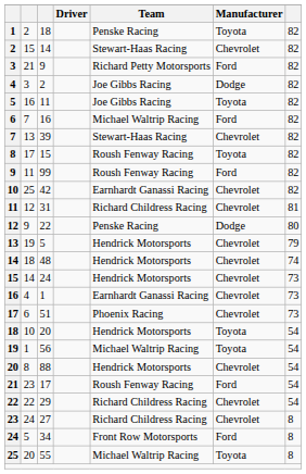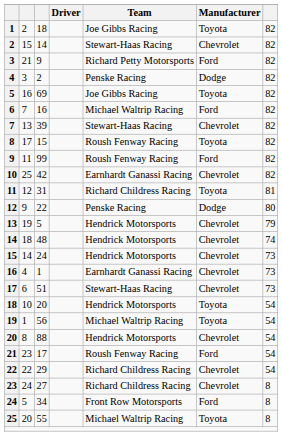 <table class="wikitable sortable" border="1">
 <tr>
 </tr>
 <tr>
 <th scope="col"></th>
 <th scope="col"></th>
 <th scope="col"></th>
 <th scope="col">Driver</th>
 <th scope="col">Team</th>
 <th scope="col">Manufacturer</th>
 <th scope="col"></th>
 </tr>
 <tr>
 <th scope="row">1</th>
 <td>2</td>
 <td>18</td>
 <td></td>
-<td>Penske Racing</td>
+<td>Joe Gibbs Racing</td>
 <td>Toyota</td>
 <td>82</td>
 </tr>
 <tr>
 <th scope="row">2</th>
 <td>15</td>
 <td>14</td>
 <td></td>
 <td>Stewart-Haas Racing</td>
 <td>Chevrolet</td>
 <td>82</td>
 </tr>
 <tr>
 <th scope="row">3</th>
 <td>21</td>
 <td>9</td>
 <td></td>
 <td>Richard Petty Motorsports</td>
 <td>Ford</td>
 <td>82</td>
 </tr>
 <tr>
 <th scope="row">4</th>
 <td>3</td>
 <td>2</td>
 <td></td>
-<td>Joe Gibbs Racing</td>
+<td>Penske Racing</td>
 <td>Dodge</td>
 <td>82</td>
 </tr>
 <tr>
 <th scope="row">5</th>
 <td>16</td>
-<td>11</td>
+<td>69</td>
 <td></td>
 <td>Joe Gibbs Racing</td>
 <td>Toyota</td>
 <td>82</td>
 </tr>
 <tr>
 <th scope="row">6</th>
 <td>7</td>
 <td>16</td>
 <td></td>
 <td>Michael Waltrip Racing</td>
 <td>Ford</td>
 <td>82</td>
 </tr>
 <tr>
 <th scope="row">7</th>
 <td>13</td>
 <td>39</td>
 <td></td>
 <td>Stewart-Haas Racing</td>
 <td>Chevrolet</td>
 <td>82</td>
 </tr>
 <tr>
 <th scope="row">8</th>
 <td>17</td>
 <td>15</td>
 <td></td>
 <td>Roush Fenway Racing</td>
 <td>Toyota</td>
 <td>82</td>
 </tr>
 <tr>
 <th scope="row">9</th>
 <td>11</td>
 <td>99</td>
 <td></td>
 <td>Roush Fenway Racing</td>
 <td>Ford</td>
 <td>82</td>
 </tr>
 <tr>
 <th scope="row">10</th>
 <td>25</td>
 <td>42</td>
 <td></td>
 <td>Earnhardt Ganassi Racing</td>
 <td>Chevrolet</td>
 <td>82</td>
 </tr>
 <tr>
 <th scope="row">11</th>
 <td>12</td>
 <td>31</td>
 <td></td>
 <td>Richard Childress Racing</td>
-<td>Chevrolet</td>
+<td>Toyota</td>
 <td>81</td>
 </tr>
 <tr>
 <th scope="row">12</th>
 <td>9</td>
 <td>22</td>
 <td></td>
 <td>Penske Racing</td>
 <td>Dodge</td>
 <td>80</td>
 </tr>
 <tr>
 <th scope="row">13</th>
 <td>19</td>
 <td>5</td>
 <td></td>
 <td>Hendrick Motorsports</td>
 <td>Chevrolet</td>
 <td>79</td>
 </tr>
 <tr>
 <th scope="row">14</th>
 <td>18</td>
 <td>48</td>
 <td></td>
 <td>Hendrick Motorsports</td>
 <td>Chevrolet</td>
 <td>74</td>
 </tr>
 <tr>
 <th scope="row">15</th>
 <td>14</td>
 <td>24</td>
 <td></td>
 <td>Hendrick Motorsports</td>
 <td>Chevrolet</td>
 <td>73</td>
 </tr>
 <tr>
 <th scope="row">16</th>
 <td>4</td>
 <td>1</td>
 <td></td>
 <td>Earnhardt Ganassi Racing</td>
 <td>Chevrolet</td>
 <td>73</td>
 </tr>
 <tr>
 <th scope="row">17</th>
 <td>6</td>
 <td>51</td>
 <td></td>
-<td>Phoenix Racing</td>
+<td>Stewart-Haas Racing</td>
 <td>Chevrolet</td>
 <td>73</td>
 </tr>
 <tr>
 <th scope="row">18</th>
 <td>10</td>
 <td>20</td>
 <td></td>
 <td>Hendrick Motorsports</td>
 <td>Toyota</td>
 <td>54</td>
 </tr>
 <tr>
 <th scope="row">19</th>
 <td>1</td>
 <td>56</td>
 <td></td>
 <td>Michael Waltrip Racing</td>
 <td>Toyota</td>
 <td>54</td>
 </tr>
 <tr>
 <th scope="row">20</th>
 <td>8</td>
 <td>88</td>
 <td></td>
 <td>Hendrick Motorsports</td>
 <td>Chevrolet</td>
 <td>54</td>
 </tr>
 <tr>
 <th scope="row">21</th>
 <td>23</td>
 <td>17</td>
 <td></td>
 <td>Roush Fenway Racing</td>
 <td>Ford</td>
 <td>54</td>
 </tr>
 <tr>
 <th scope="row">22</th>
 <td>22</td>
 <td>29</td>
 <td></td>
 <td>Richard Childress Racing</td>
 <td>Chevrolet</td>
 <td>54</td>
 </tr>
 <tr>
 <th scope="row">23</th>
 <td>24</td>
 <td>27</td>
 <td></td>
 <td>Richard Childress Racing</td>
 <td>Chevrolet</td>
 <td>8</td>
 </tr>
 <tr>
 <th scope="row">24</th>
 <td>5</td>
 <td>34</td>
 <td></td>
 <td>Front Row Motorsports</td>
 <td>Ford</td>
 <td>8</td>
 </tr>
 <tr>
 <th scope="row">25</th>
 <td>20</td>
 <td>55</td>
 <td></td>
 <td>Michael Waltrip Racing</td>
 <td>Toyota</td>
 <td>8</td>
 </tr>
 <tr class="sortbottom">
 <td colspan="9"></td>
 </tr>
 </table>
